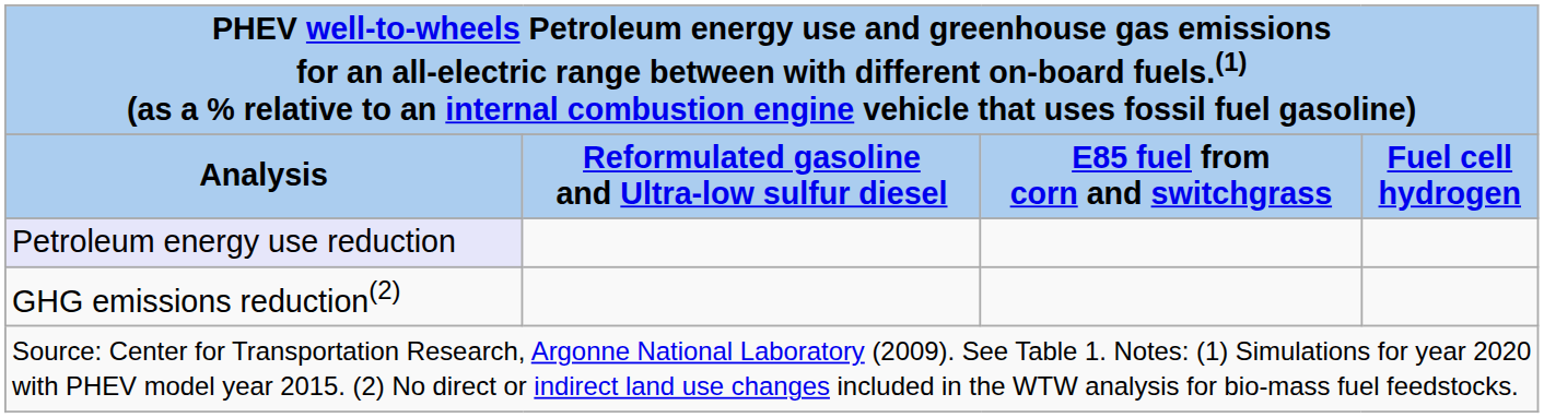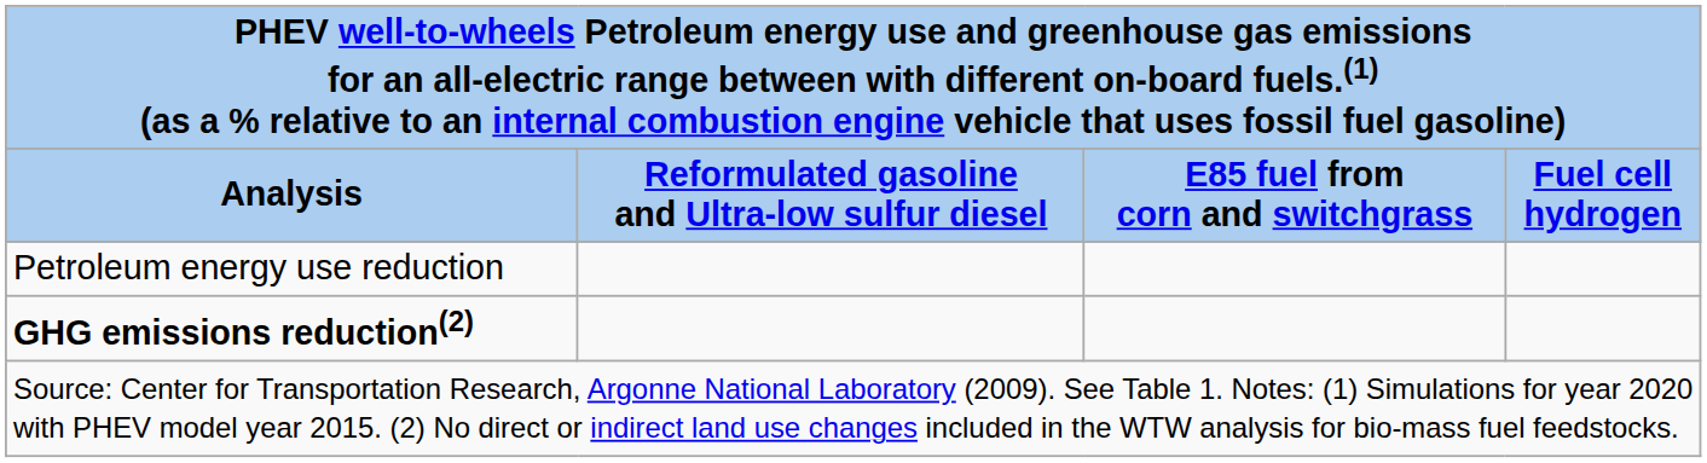 <table class="wikitable" style="margin: 1em auto 1em auto">
 <tr>
 <th colspan="4" style="text-align:center; background:#abcdef;">PHEV <a href='#'>well-to-wheels</a> Petroleum energy use and greenhouse gas emissions<br>for an all-electric range between  with different on-board fuels.<sup>(1)</sup><br> (as a % relative to an <a href='#'>internal combustion engine</a> vehicle that uses fossil fuel gasoline)</th>
 </tr>
 <tr>
 <th style="background:#abcdef;">Analysis</th>
 <th style="background:#abcdef;"><a href='#'>Reformulated gasoline</a><br>and <a href='#'>Ultra-low sulfur diesel</a></th>
 <th style="background:#abcdef;"><a href='#'>E85 fuel</a> from<br><a href='#'>corn</a> and <a href='#'>switchgrass</a></th>
 <th style="background:#abcdef;"><a href='#'>Fuel cell</a><br><a href='#'>hydrogen</a></th>
 </tr>
 <tr>
-<td style="background: lavender;">Petroleum energy use reduction</td>
+<td>Petroleum energy use reduction</td>
 <td></td>
 <td></td>
 <td></td>
 </tr>
 <tr>
-<td>GHG emissions reduction<sup>(2)</sup></td>
+<td><strong>GHG emissions reduction<sup>(2)</sup></strong></td>
 <td></td>
 <td></td>
 <td></td>
 </tr>
 <tr>
 <td colspan="6"><small>Source: Center for Transportation Research, <a href='#'>Argonne National Laboratory</a> (2009). See Table 1. Notes: (1) Simulations for year 2020<br>with PHEV model year 2015. (2) No direct or <a href='#'>indirect land use changes</a> included in the WTW analysis for bio-mass fuel feedstocks.</small></td>
 </tr>
 </table>
